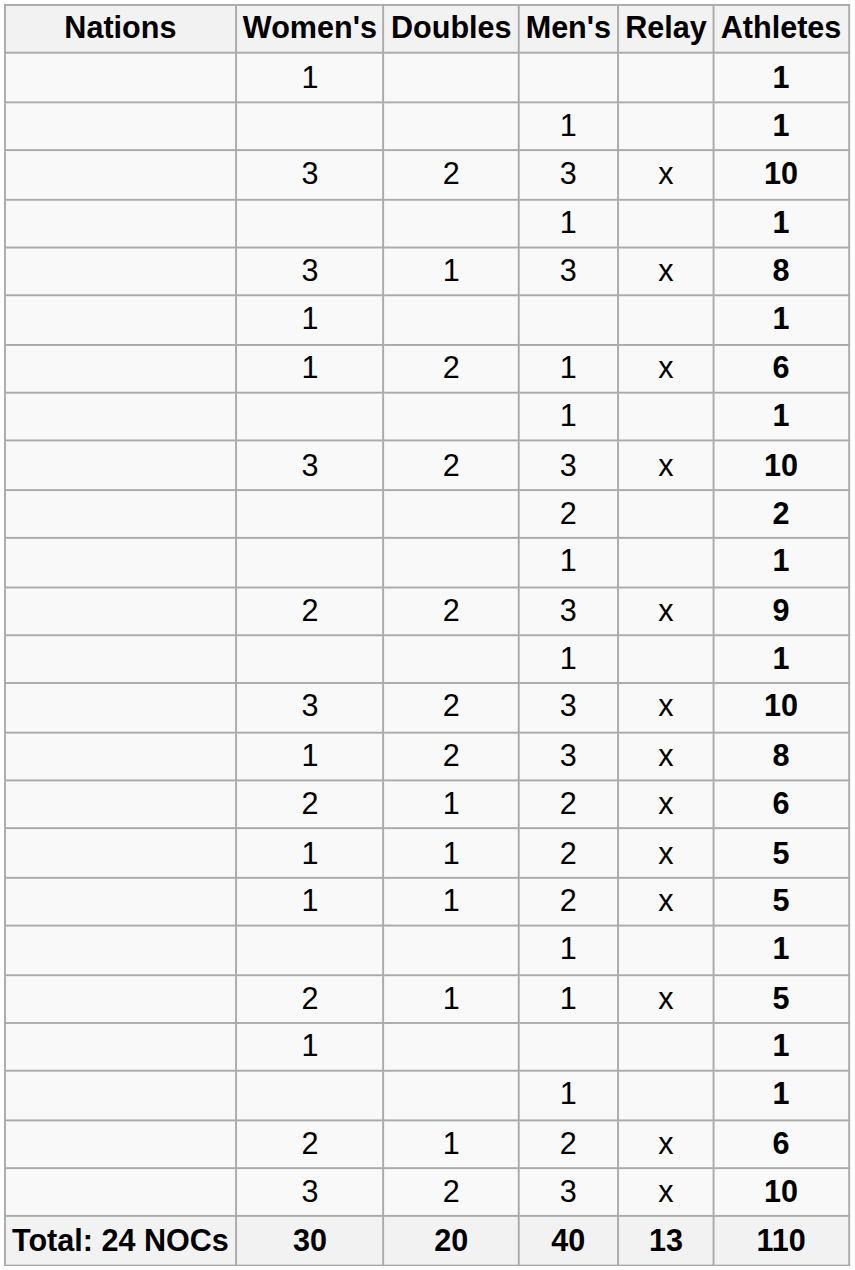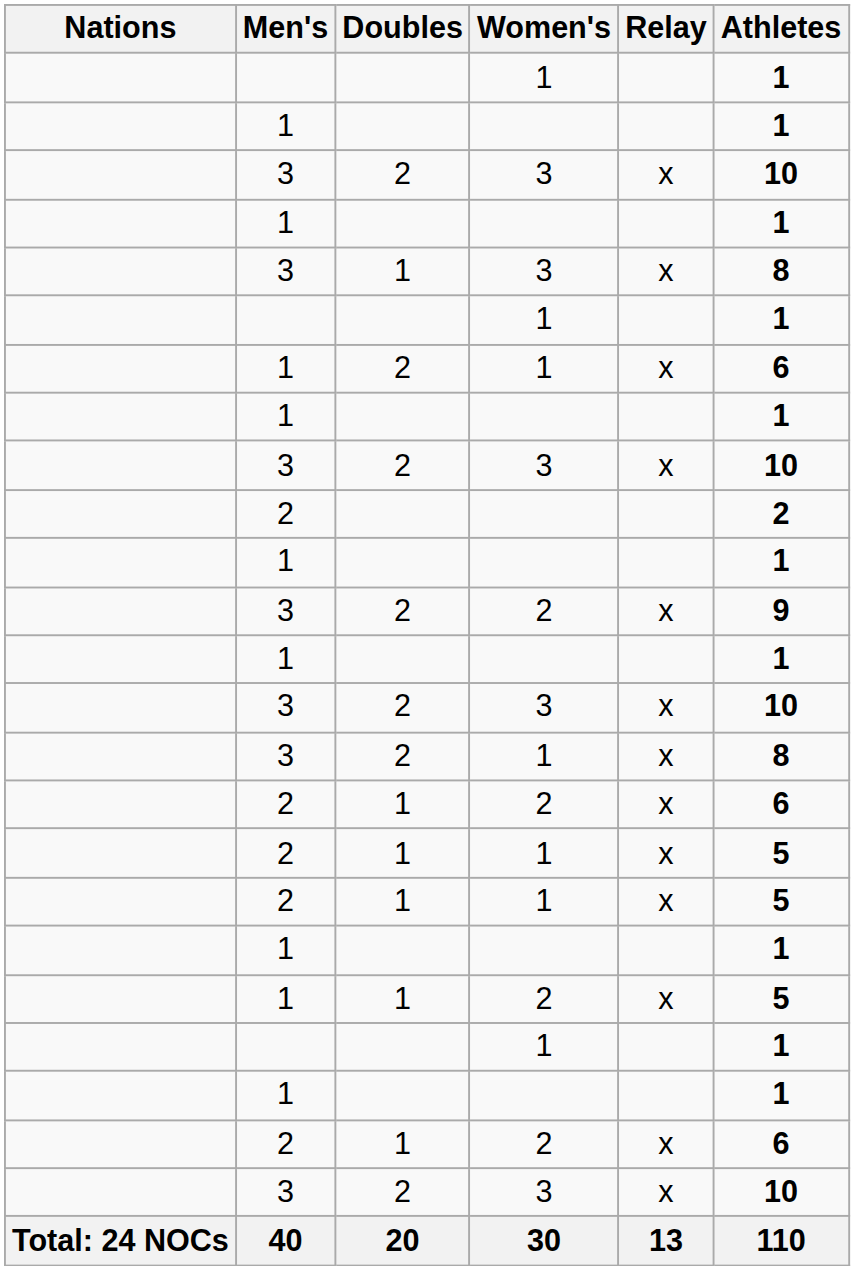 <table class="wikitable sortable" style="text-align:center;">
 <tr>
 <th>Nations</th>
+<th>Men's</th>
+<th>Doubles</th>
 <th>Women's</th>
-<th>Doubles</th>
-<th>Men's</th>
 <th>Relay</th>
 <th>Athletes</th>
-</tr>
-<tr>
-<td align="left"></td>
-<td>1</td>
-<td></td>
-<td></td>
-<td></td>
-<td><strong>1</strong></td>
 </tr>
 <tr>
 <td align="left"></td>
 <td></td>
 <td></td>
 <td>1</td>
 <td></td>
 <td><strong>1</strong></td>
 </tr>
 <tr>
 <td align="left"></td>
-<td>3</td>
-<td>2</td>
-<td>3</td>
-<td>x</td>
-<td><strong>10</strong></td>
-</tr>
-<tr>
-<td align="left"></td>
-<td></td>
-<td></td>
-<td>1</td>
-<td></td>
-<td><strong>1</strong></td>
-</tr>
-<tr>
-<td align="left"></td>
-<td>3</td>
-<td>1</td>
-<td>3</td>
-<td>x</td>
-<td><strong>8</strong></td>
-</tr>
-<tr>
-<td align="left"></td>
 <td>1</td>
 <td></td>
 <td></td>
-<td></td>
-<td><strong>1</strong></td>
-</tr>
-<tr>
-<td align="left"></td>
-<td>1</td>
-<td>2</td>
-<td>1</td>
-<td>x</td>
-<td><strong>6</strong></td>
-</tr>
-<tr>
-<td align="left"></td>
-<td></td>
-<td></td>
-<td>1</td>
-<td></td>
-<td><strong>1</strong></td>
-</tr>
-<tr>
-<td align="left"></td>
-<td>3</td>
-<td>2</td>
-<td>3</td>
-<td>x</td>
-<td><strong>10</strong></td>
-</tr>
-<tr>
-<td align="left"></td>
-<td></td>
-<td></td>
-<td>2</td>
-<td></td>
-<td><strong>2</strong></td>
-</tr>
-<tr>
-<td align="left"></td>
-<td></td>
-<td></td>
-<td>1</td>
-<td></td>
-<td><strong>1</strong></td>
-</tr>
-<tr>
-<td align="left"></td>
-<td>2</td>
-<td>2</td>
-<td>3</td>
-<td>x</td>
-<td><strong>9</strong></td>
-</tr>
-<tr>
-<td align="left"></td>
-<td></td>
-<td></td>
-<td>1</td>
 <td></td>
 <td><strong>1</strong></td>
 </tr>
 <tr>
 <td align="left"></td>
 <td>3</td>
 <td>2</td>
 <td>3</td>
 <td>x</td>
 <td><strong>10</strong></td>
 </tr>
 <tr>
 <td align="left"></td>
 <td>1</td>
+<td></td>
+<td></td>
+<td></td>
+<td><strong>1</strong></td>
+</tr>
+<tr>
+<td align="left"></td>
+<td>3</td>
+<td>1</td>
+<td>3</td>
+<td>x</td>
+<td><strong>8</strong></td>
+</tr>
+<tr>
+<td align="left"></td>
+<td></td>
+<td></td>
+<td>1</td>
+<td></td>
+<td><strong>1</strong></td>
+</tr>
+<tr>
+<td align="left"></td>
+<td>1</td>
+<td>2</td>
+<td>1</td>
+<td>x</td>
+<td><strong>6</strong></td>
+</tr>
+<tr>
+<td align="left"></td>
+<td>1</td>
+<td></td>
+<td></td>
+<td></td>
+<td><strong>1</strong></td>
+</tr>
+<tr>
+<td align="left"></td>
+<td>3</td>
 <td>2</td>
 <td>3</td>
+<td>x</td>
+<td><strong>10</strong></td>
+</tr>
+<tr>
+<td align="left"></td>
+<td>2</td>
+<td></td>
+<td></td>
+<td></td>
+<td><strong>2</strong></td>
+</tr>
+<tr>
+<td align="left"></td>
+<td>1</td>
+<td></td>
+<td></td>
+<td></td>
+<td><strong>1</strong></td>
+</tr>
+<tr>
+<td align="left"></td>
+<td>3</td>
+<td>2</td>
+<td>2</td>
+<td>x</td>
+<td><strong>9</strong></td>
+</tr>
+<tr>
+<td align="left"></td>
+<td>1</td>
+<td></td>
+<td></td>
+<td></td>
+<td><strong>1</strong></td>
+</tr>
+<tr>
+<td align="left"></td>
+<td>3</td>
+<td>2</td>
+<td>3</td>
+<td>x</td>
+<td><strong>10</strong></td>
+</tr>
+<tr>
+<td align="left"></td>
+<td>3</td>
+<td>2</td>
+<td>1</td>
 <td>x</td>
 <td><strong>8</strong></td>
 </tr>
 <tr>
 <td align="left"></td>
 <td>2</td>
 <td>1</td>
 <td>2</td>
 <td>x</td>
 <td><strong>6</strong></td>
 </tr>
 <tr>
 <td align="left"></td>
+<td>2</td>
 <td>1</td>
 <td>1</td>
-<td>2</td>
 <td>x</td>
 <td><strong>5</strong></td>
+</tr>
+<tr>
+<td align="left"></td>
+<td>2</td>
+<td>1</td>
+<td>1</td>
+<td>x</td>
+<td><strong>5</strong></td>
+</tr>
+<tr>
+<td align="left"></td>
+<td>1</td>
+<td></td>
+<td></td>
+<td></td>
+<td><strong>1</strong></td>
 </tr>
 <tr>
 <td align="left"></td>
 <td>1</td>
 <td>1</td>
 <td>2</td>
 <td>x</td>
 <td><strong>5</strong></td>
 </tr>
 <tr>
 <td align="left"></td>
 <td></td>
 <td></td>
 <td>1</td>
 <td></td>
 <td><strong>1</strong></td>
 </tr>
 <tr>
 <td align="left"></td>
-<td>2</td>
-<td>1</td>
-<td>1</td>
-<td>x</td>
-<td><strong>5</strong></td>
-</tr>
-<tr>
-<td align="left"></td>
 <td>1</td>
 <td></td>
 <td></td>
-<td></td>
-<td><strong>1</strong></td>
-</tr>
-<tr>
-<td align="left"></td>
-<td></td>
-<td></td>
-<td>1</td>
 <td></td>
 <td><strong>1</strong></td>
 </tr>
 <tr>
 <td align="left"></td>
 <td>2</td>
 <td>1</td>
 <td>2</td>
 <td>x</td>
 <td><strong>6</strong></td>
 </tr>
 <tr>
 <td align="left"></td>
 <td>3</td>
 <td>2</td>
 <td>3</td>
 <td>x</td>
 <td><strong>10</strong></td>
 </tr>
 <tr>
 <th>Total: 24 NOCs</th>
+<th>40</th>
+<th>20</th>
 <th>30</th>
-<th>20</th>
-<th>40</th>
 <th>13</th>
 <th>110</th>
 </tr>
 </table>
